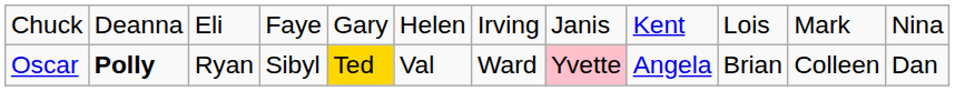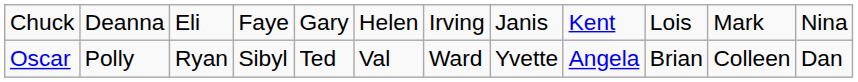 <table class="wikitable">
 <tr>
 <td>Chuck</td>
 <td>Deanna</td>
 <td>Eli</td>
 <td>Faye</td>
 <td>Gary</td>
 <td>Helen</td>
 <td>Irving</td>
 <td>Janis</td>
 <td><a href='#'>Kent</a></td>
 <td>Lois</td>
 <td>Mark</td>
 <td>Nina</td>
 </tr>
 <tr>
 <td><a href='#'>Oscar</a></td>
-<td><strong>Polly</strong></td>
+<td>Polly</td>
 <td>Ryan</td>
 <td>Sibyl</td>
-<td style="background: gold;">Ted</td>
+<td>Ted</td>
 <td>Val</td>
 <td>Ward</td>
-<td style="background: pink;">Yvette</td>
+<td>Yvette</td>
 <td><a href='#'>Angela</a></td>
 <td>Brian</td>
 <td>Colleen</td>
 <td>Dan</td>
 </tr>
 </table>
